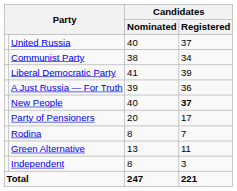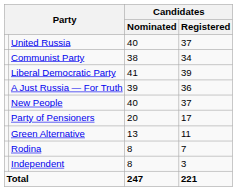 <table class="wikitable sortable" style="background: #f9f9f9; text-align:left; font-size: 95%">
 <tr>
 <th align=center rowspan=2 colspan=2>Party</th>
 <th align=center colspan=2>Candidates</th>
 </tr>
 <tr>
 <th align=center>Nominated</th>
 <th align=center>Registered</th>
 </tr>
 <tr>
 <td></td>
 <td><a href='#'>United Russia</a></td>
 <td>40</td>
 <td>37</td>
 </tr>
 <tr>
 <td></td>
 <td><a href='#'>Communist Party</a></td>
 <td>38</td>
 <td>34</td>
 </tr>
 <tr>
 <td></td>
 <td><a href='#'>Liberal Democratic Party</a></td>
 <td>41</td>
 <td>39</td>
 </tr>
 <tr>
 <td></td>
 <td><a href='#'>A Just Russia — For Truth</a></td>
 <td>39</td>
 <td>36</td>
 </tr>
 <tr>
 <td></td>
 <td><a href='#'>New People</a></td>
 <td>40</td>
-<td><strong>37</strong></td>
+<td>37</td>
 </tr>
 <tr>
 <td></td>
 <td><a href='#'>Party of Pensioners</a></td>
 <td>20</td>
 <td>17</td>
 </tr>
 <tr>
 <td></td>
+<td><a href='#'>Green Alternative</a></td>
+<td>13</td>
+<td>11</td>
+</tr>
+<tr>
+<td></td>
 <td><a href='#'>Rodina</a></td>
 <td>8</td>
 <td>7</td>
-</tr>
-<tr>
-<td></td>
-<td><a href='#'>Green Alternative</a></td>
-<td>13</td>
-<td>11</td>
 </tr>
 <tr>
 <td></td>
 <td><a href='#'>Independent</a></td>
 <td>8</td>
 <td>3</td>
 </tr>
 <tr>
 <td colspan=2><strong>Total</strong></td>
 <td><strong>247</strong></td>
 <td><strong>221</strong></td>
 </tr>
 </table>
